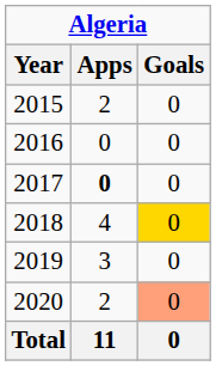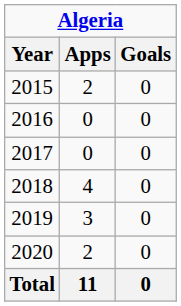 <table class="wikitable" style="text-align:center">
 <tr>
 <td colspan="3"><strong><a href='#'>Algeria</a></strong></td>
 </tr>
 <tr>
 <th>Year</th>
 <th>Apps</th>
 <th>Goals</th>
 </tr>
 <tr>
 <td>2015</td>
 <td>2</td>
 <td>0</td>
 </tr>
 <tr>
 <td>2016</td>
 <td>0</td>
 <td>0</td>
 </tr>
 <tr>
 <td>2017</td>
-<td><strong>0</strong></td>
+<td>0</td>
 <td>0</td>
 </tr>
 <tr>
 <td>2018</td>
 <td>4</td>
-<td style="background: gold;">0</td>
+<td>0</td>
 </tr>
 <tr>
 <td>2019</td>
 <td>3</td>
 <td>0</td>
 </tr>
 <tr>
 <td>2020</td>
 <td>2</td>
-<td style="background: lightsalmon;">0</td>
+<td>0</td>
 </tr>
 <tr>
 <th>Total</th>
 <th>11</th>
 <th>0</th>
 </tr>
 </table>
